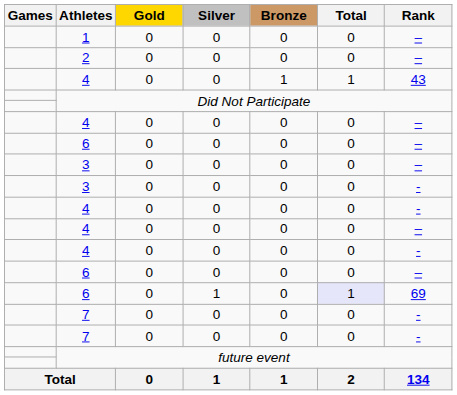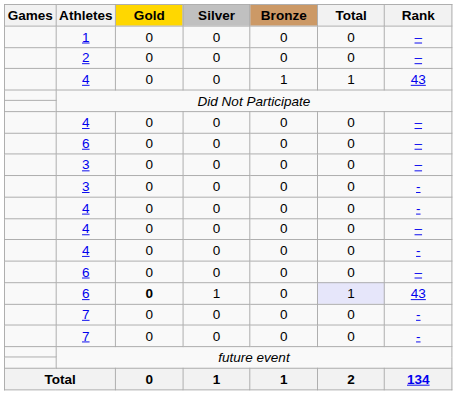 <table class="wikitable" style="text-align:center; font-size:90%;">
 <tr>
 <th>Games</th>
 <th>Athletes</th>
 <td style="background:gold; width:4.5em; font-weight:bold;">Gold</td>
 <td style="background:silver; width:4.5em; font-weight:bold;">Silver</td>
 <td style="background:#cc9966; width:4.5em; font-weight:bold;">Bronze</td>
 <th style="width:4.5em; font-weight:bold;">Total</th>
 <th style="width:4.5em; font-weight:bold;">Rank</th>
 </tr>
 <tr>
 <td align=left></td>
 <td><a href='#'>1</a></td>
 <td>0</td>
 <td>0</td>
 <td>0</td>
 <td>0</td>
 <td><a href='#'>–</a></td>
 </tr>
 <tr>
 <td align=left></td>
 <td><a href='#'>2</a></td>
 <td>0</td>
 <td>0</td>
 <td>0</td>
 <td>0</td>
 <td><a href='#'>–</a></td>
 </tr>
 <tr>
 <td align=left></td>
 <td><a href='#'>4</a></td>
 <td>0</td>
 <td>0</td>
 <td>1</td>
 <td>1</td>
 <td><a href='#'>43</a></td>
 </tr>
 <tr>
 <td align=left></td>
 <td colspan=6; rowspan=2><em>Did Not Participate</em></td>
 </tr>
 <tr>
 <td align=left></td>
 </tr>
 <tr>
 <td align=left></td>
 <td><a href='#'>4</a></td>
 <td>0</td>
 <td>0</td>
 <td>0</td>
 <td>0</td>
 <td><a href='#'>–</a></td>
 </tr>
 <tr>
 <td align=left></td>
 <td><a href='#'>6</a></td>
 <td>0</td>
 <td>0</td>
 <td>0</td>
 <td>0</td>
 <td><a href='#'>–</a></td>
 </tr>
 <tr>
 <td align=left></td>
 <td><a href='#'>3</a></td>
 <td>0</td>
 <td>0</td>
 <td>0</td>
 <td>0</td>
 <td><a href='#'>–</a></td>
 </tr>
 <tr>
 <td align=left></td>
 <td><a href='#'>3</a></td>
 <td>0</td>
 <td>0</td>
 <td>0</td>
 <td>0</td>
 <td><a href='#'>-</a></td>
 </tr>
 <tr>
 <td align=left></td>
 <td><a href='#'>4</a></td>
 <td>0</td>
 <td>0</td>
 <td>0</td>
 <td>0</td>
 <td><a href='#'>-</a></td>
 </tr>
 <tr>
 <td align=left></td>
 <td><a href='#'>4</a></td>
 <td>0</td>
 <td>0</td>
 <td>0</td>
 <td>0</td>
 <td><a href='#'>–</a></td>
 </tr>
 <tr>
 <td align=left></td>
 <td><a href='#'>4</a></td>
 <td>0</td>
 <td>0</td>
 <td>0</td>
 <td>0</td>
 <td><a href='#'>-</a></td>
 </tr>
 <tr>
 <td align=left></td>
 <td><a href='#'>6</a></td>
 <td>0</td>
 <td>0</td>
 <td>0</td>
 <td>0</td>
 <td><a href='#'>–</a></td>
 </tr>
 <tr>
 <td align=left></td>
 <td><a href='#'>6</a></td>
-<td>0</td>
+<td><strong>0</strong></td>
 <td>1</td>
 <td>0</td>
 <td style="background: lavender;">1</td>
-<td><a href='#'>69</a></td>
+<td><a href='#'>43</a></td>
 </tr>
 <tr>
 <td align=left></td>
 <td><a href='#'>7</a></td>
 <td>0</td>
 <td>0</td>
 <td>0</td>
 <td>0</td>
 <td><a href='#'>-</a></td>
 </tr>
 <tr>
 <td align=left></td>
 <td><a href='#'>7</a></td>
 <td>0</td>
 <td>0</td>
 <td>0</td>
 <td>0</td>
 <td><a href='#'>-</a></td>
 </tr>
 <tr>
 <td align=left></td>
 <td colspan=6; rowspan=2><em>future event</em></td>
 </tr>
 <tr>
 <td align=left></td>
 </tr>
 <tr>
 <th colspan=2>Total</th>
 <th>0</th>
 <th>1</th>
 <th>1</th>
 <th>2</th>
 <th><a href='#'>134</a></th>
 </tr>
 </table>
